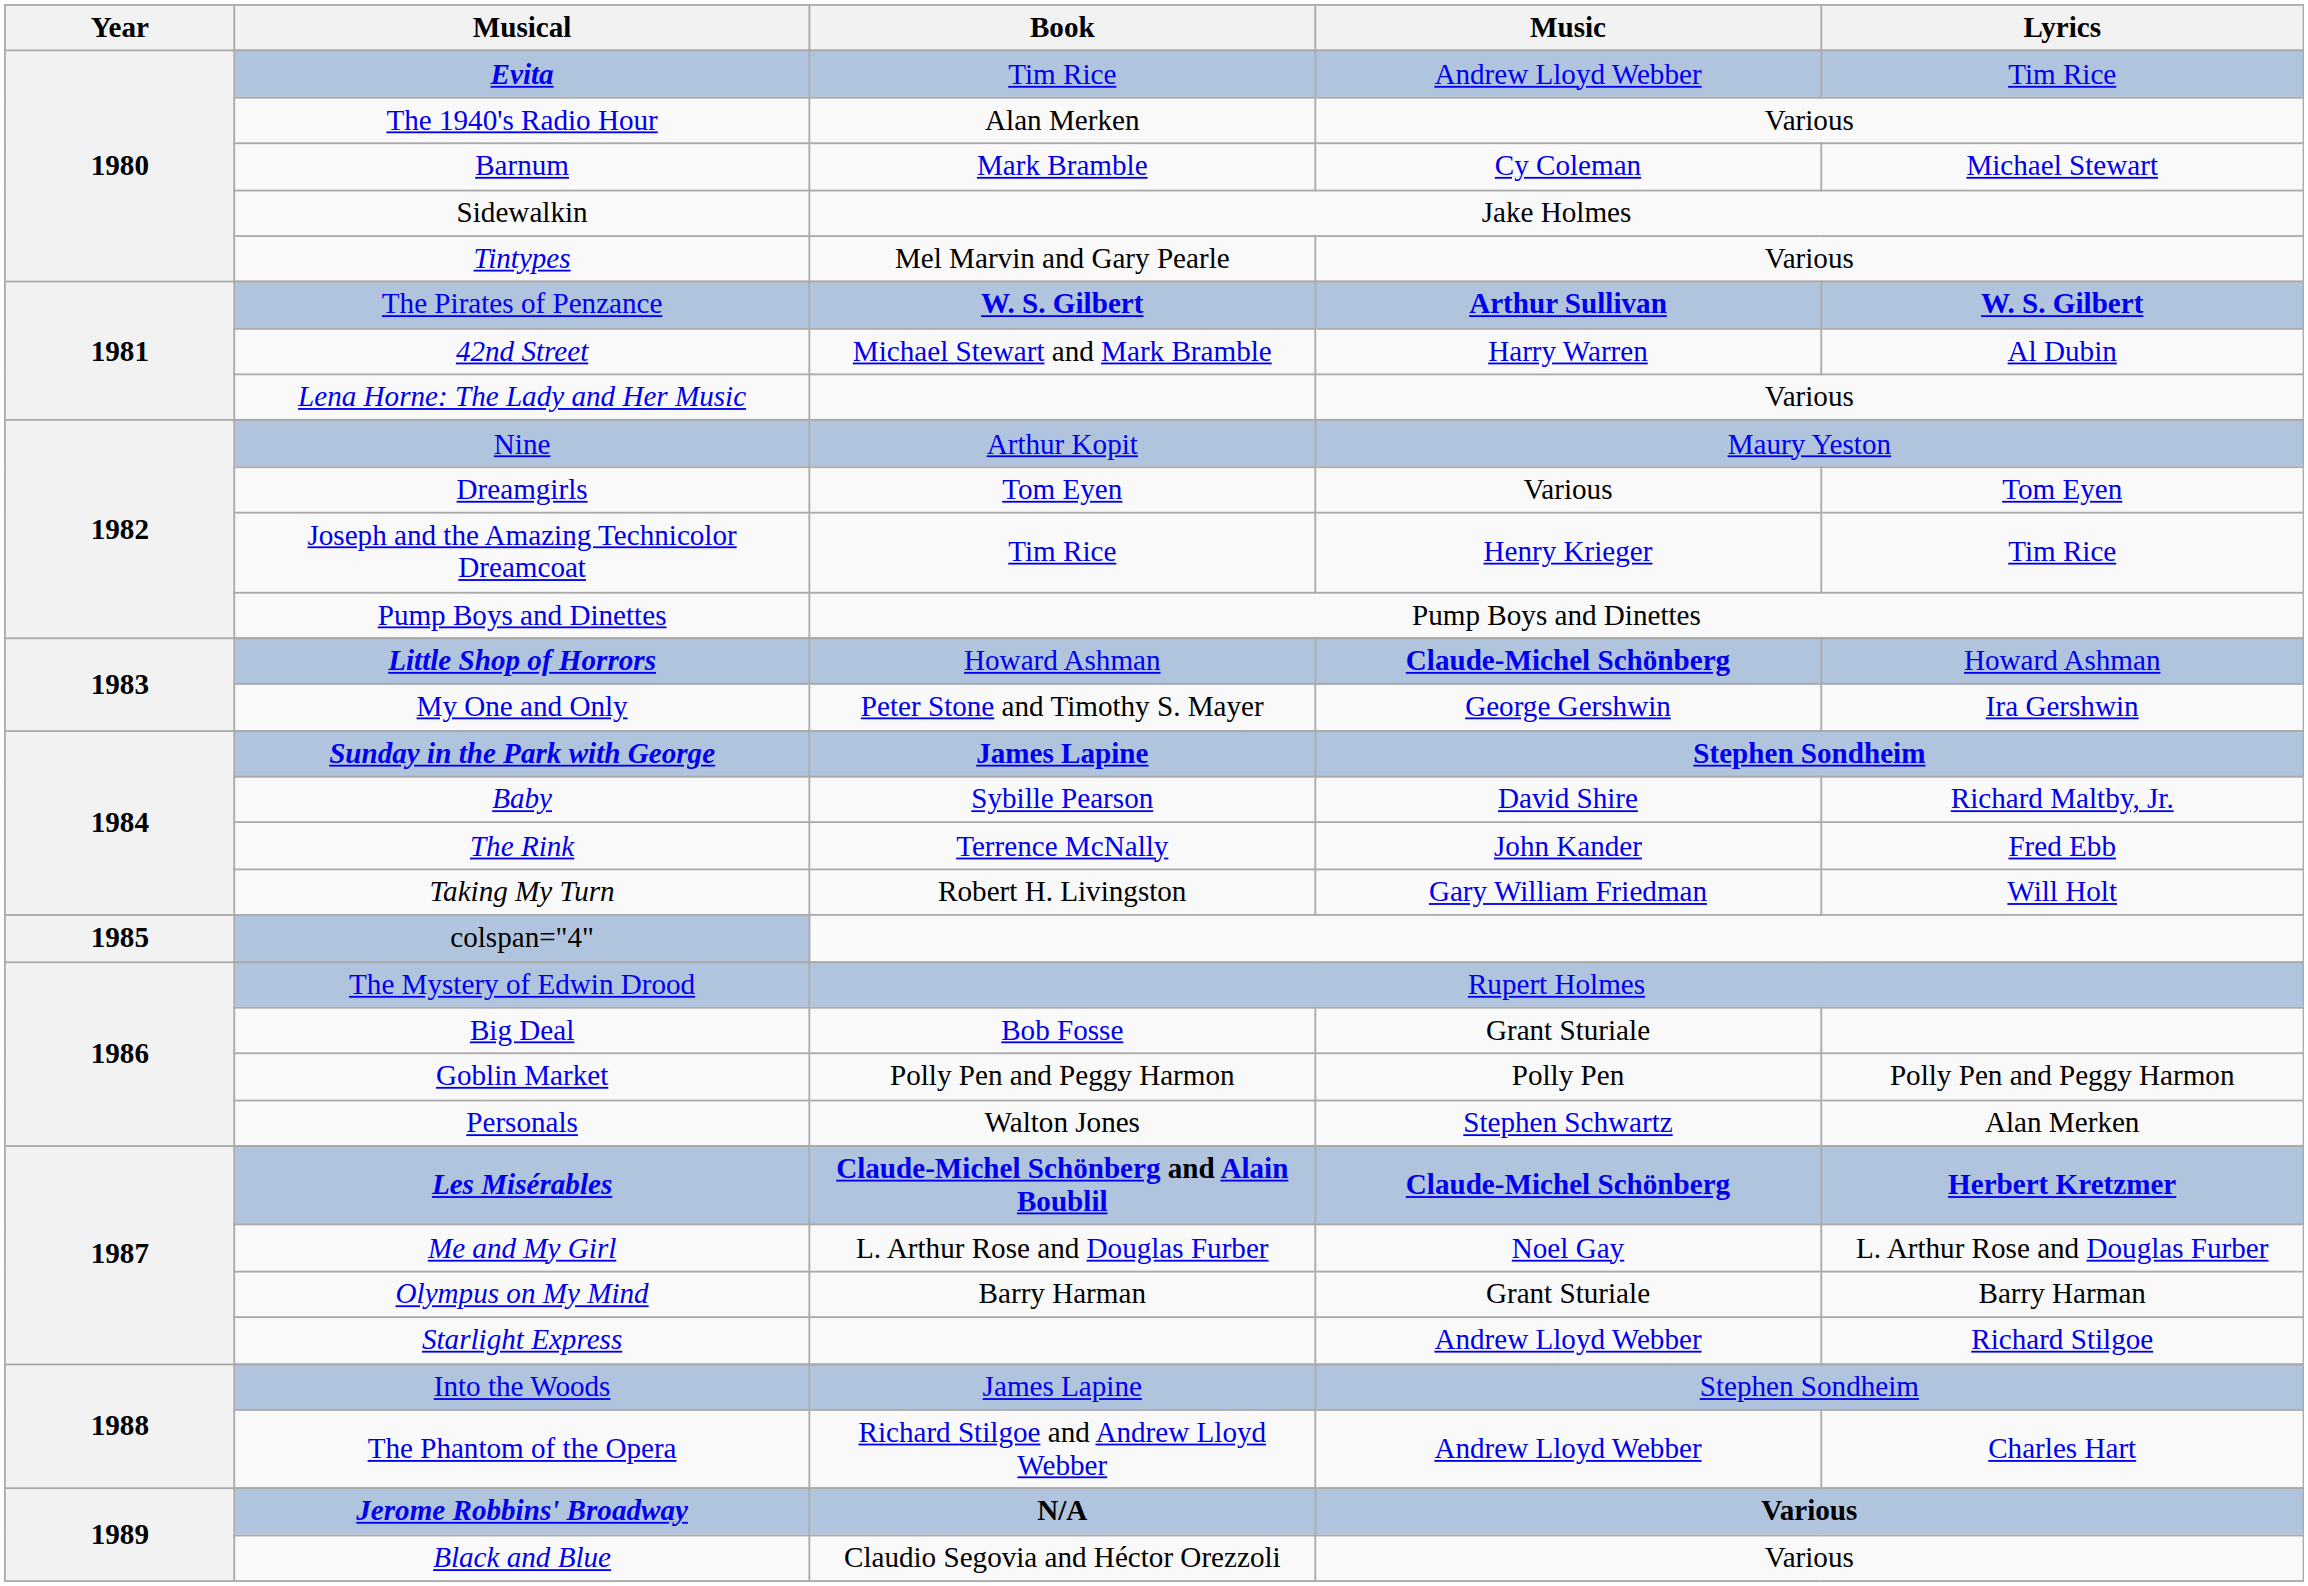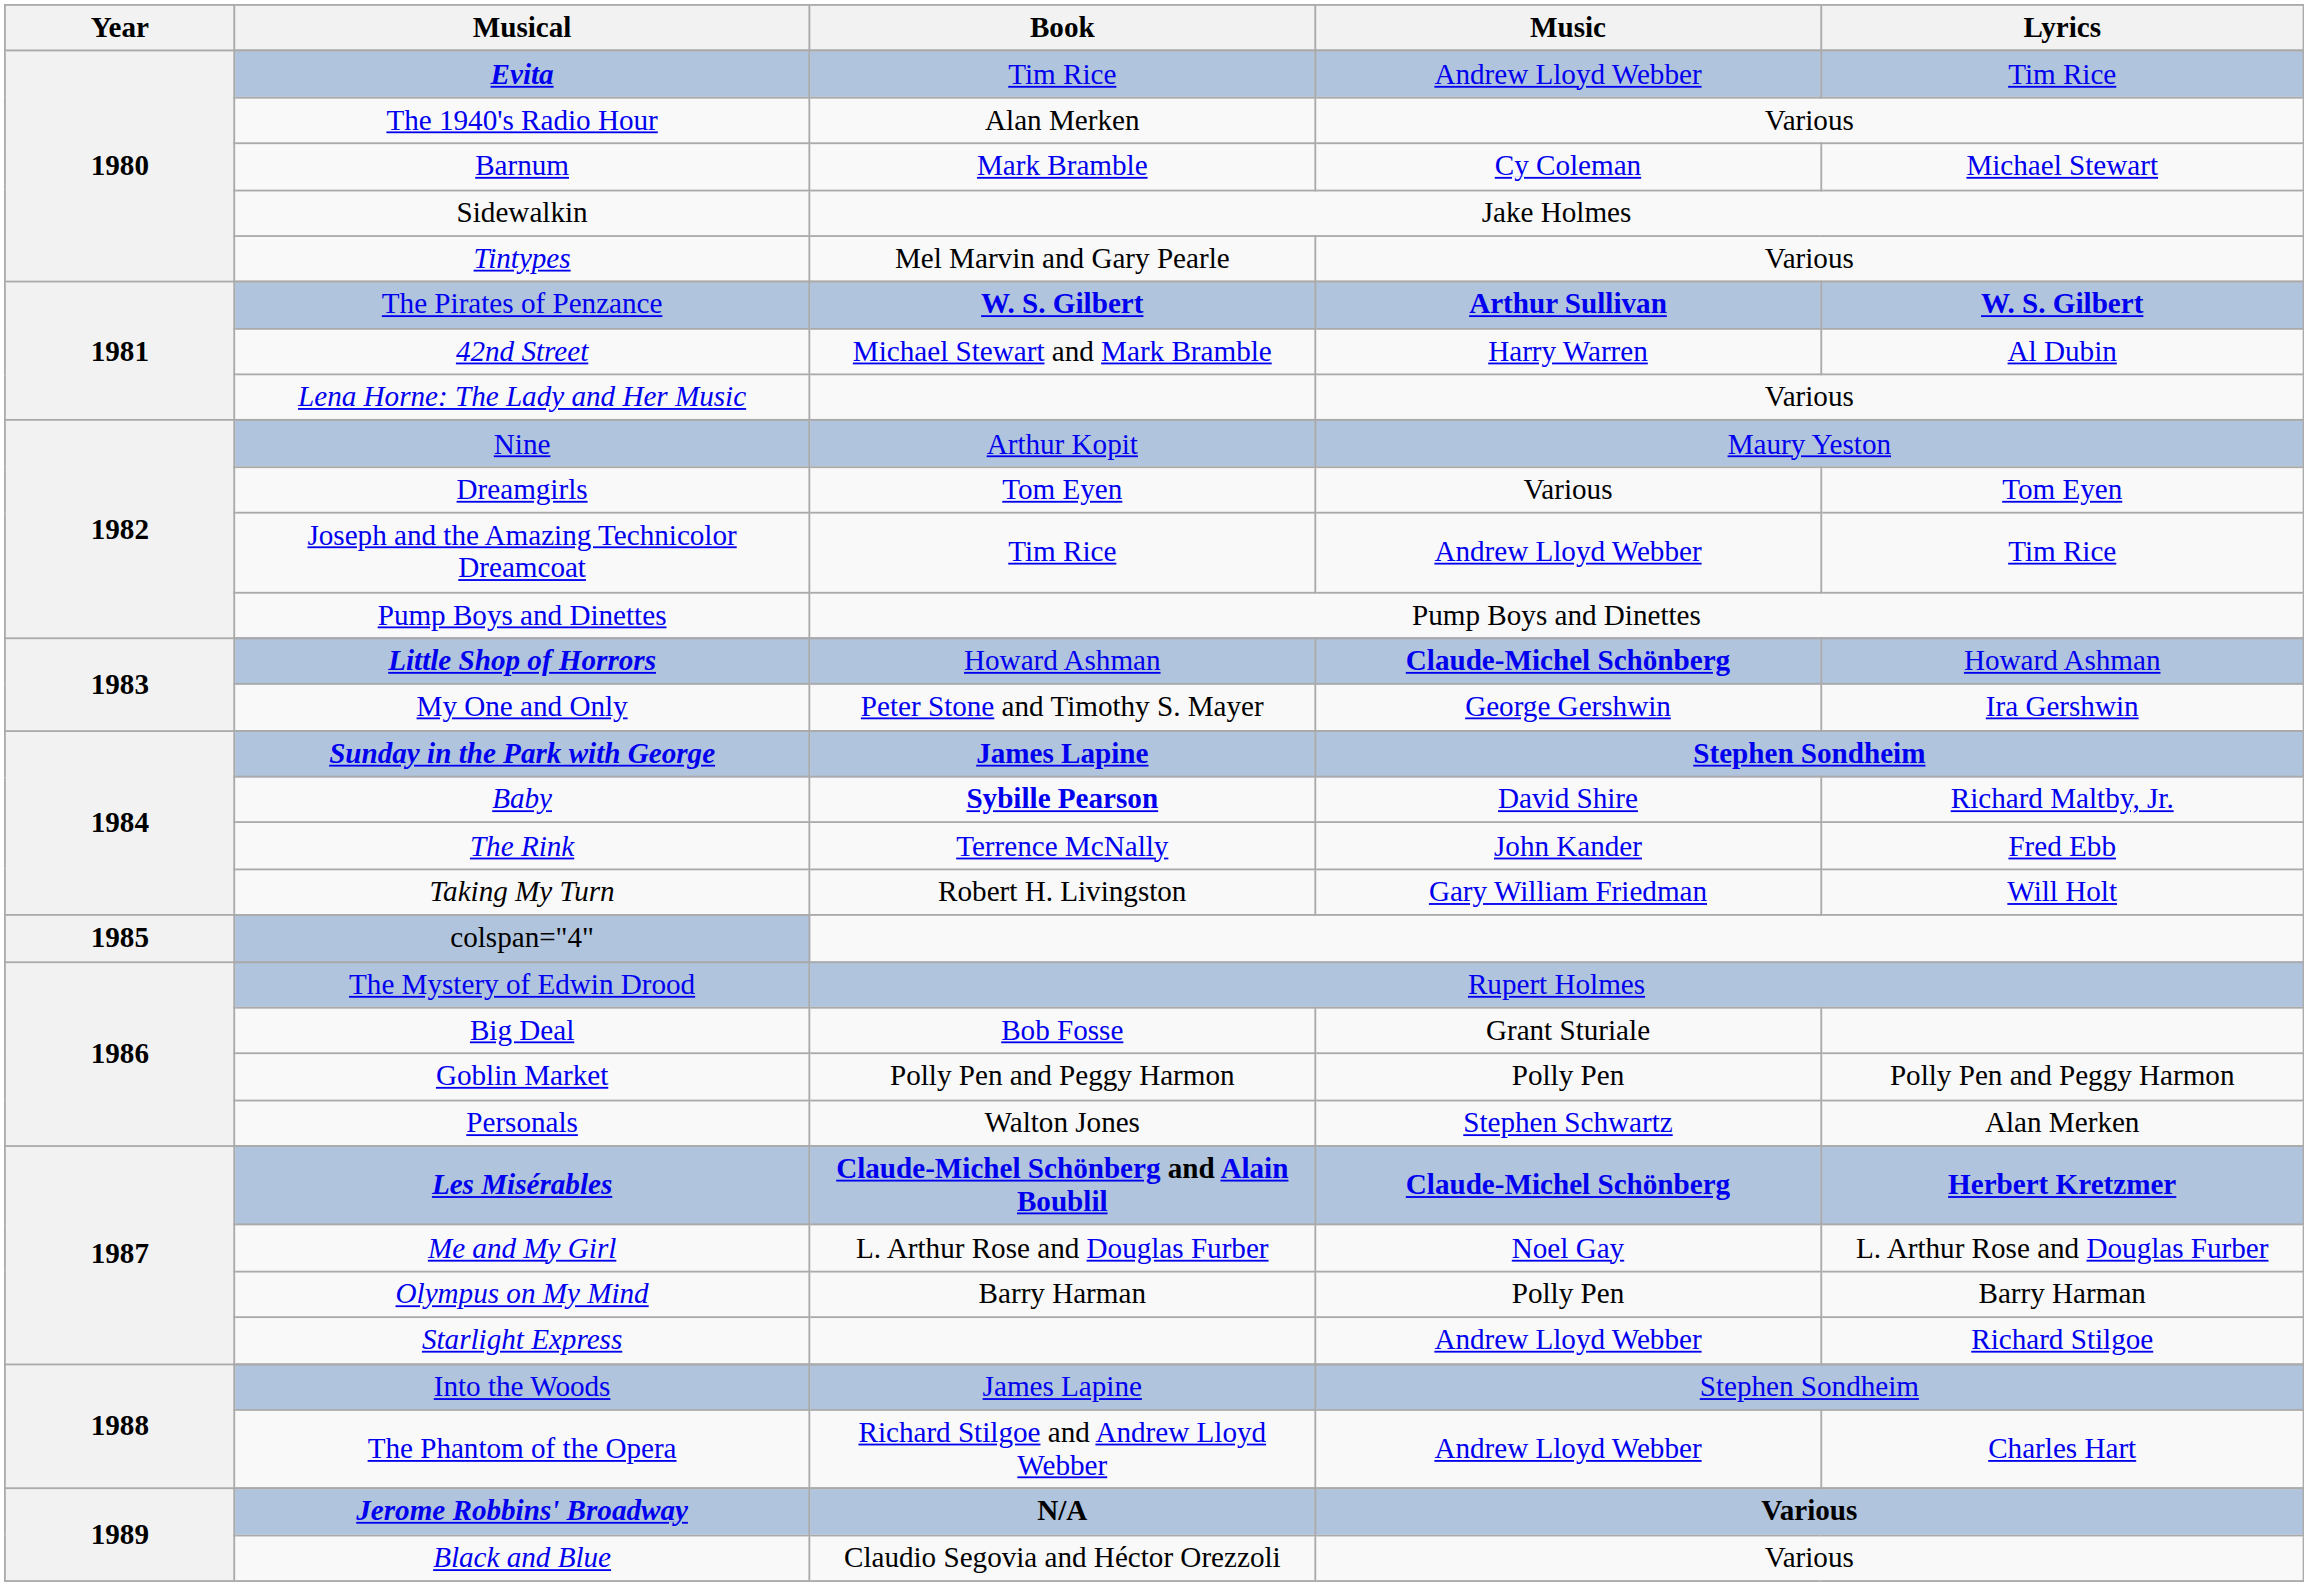 <table class="wikitable" style="width:100%; text-align:center;">
 <tr style="background:#bebebe;">
 <th style="width:10%;">Year</th>
 <th style="width:25%;">Musical</th>
 <th style="width:22%;">Book</th>
 <th style="width:22%;">Music</th>
 <th style="width:22%;">Lyrics</th>
 </tr>
 <tr>
 <th rowspan="6">1980</th>
 </tr>
 <tr style="background:#B0C4DE">
 <td><strong><em><a href='#'>Evita</a><em> <strong></td>
 <td></strong><a href='#'>Tim Rice</a><strong></td>
 <td></strong><a href='#'>Andrew Lloyd Webber</a><strong></td>
 <td></strong><a href='#'>Tim Rice</a><strong></td>
 </tr>
 <tr>
 <td></em><a href='#'>The 1940's Radio Hour</a><em></td>
 <td>Alan Merken</td>
 <td colspan="2">Various</td>
 </tr>
 <tr>
 <td></em><a href='#'>Barnum</a><em></td>
 <td><a href='#'>Mark Bramble</a></td>
 <td><a href='#'>Cy Coleman</a></td>
 <td><a href='#'>Michael Stewart</a></td>
 </tr>
 <tr>
 <td></em>Sidewalkin</strong></td>
 <td colspan="3">Jake Holmes</td>
 </tr>
 <tr>
 <td><em><a href='#'>Tintypes</a></em></td>
 <td>Mel Marvin and Gary Pearle</td>
 <td colspan="2">Various</td>
 </tr>
 <tr>
 <th rowspan="4">1981</th>
 </tr>
 <tr style="background:#B0C4DE">
 <td></em></strong><a href='#'>The Pirates of Penzance</a><strong><em></td>
 <td><strong><a href='#'>W. S. Gilbert</a></strong></td>
 <td><strong><a href='#'>Arthur Sullivan</a></strong></td>
 <td><strong><a href='#'>W. S. Gilbert</a></strong></td>
 </tr>
 <tr>
 <td><em><a href='#'>42nd Street</a></em></td>
 <td><a href='#'>Michael Stewart</a> and <a href='#'>Mark Bramble</a></td>
 <td><a href='#'>Harry Warren</a></td>
 <td><a href='#'>Al Dubin</a></td>
 </tr>
 <tr>
 <td><em><a href='#'>Lena Horne: The Lady and Her Music</a></em></td>
 <td></td>
 <td colspan="2">Various</td>
 </tr>
 <tr>
 <th rowspan="5">1982</th>
 </tr>
 <tr style="background:#B0C4DE">
 <td></em></strong><a href='#'>Nine</a><em> <strong></td>
 <td></strong><a href='#'>Arthur Kopit</a><strong></td>
 <td colspan="2"></strong><a href='#'>Maury Yeston</a><strong></td>
 </tr>
 <tr>
 <td></em><a href='#'>Dreamgirls</a><em></td>
 <td><a href='#'>Tom Eyen</a></td>
 <td>Various</td>
 <td><a href='#'>Tom Eyen</a></td>
 </tr>
 <tr>
 <td></em><a href='#'>Joseph and the Amazing Technicolor Dreamcoat</a><em></td>
 <td><a href='#'>Tim Rice</a></td>
-<td><a href='#'>Henry Krieger</a></td>
+<td><a href='#'>Andrew Lloyd Webber</a></td>
 <td><a href='#'>Tim Rice</a></td>
 </tr>
 <tr>
 <td></em><a href='#'>Pump Boys and Dinettes</a><em></td>
 <td colspan="3">Pump Boys and Dinettes</td>
 </tr>
 <tr>
 <th rowspan="3">1983</th>
 </tr>
 <tr style="background:#B0C4DE">
 <td><strong><em><a href='#'>Little Shop of Horrors</a></em></strong></td>
 <td></strong><a href='#'>Howard Ashman</a><strong></td>
 <td><strong><a href='#'>Claude-Michel Schönberg</a></strong></td>
 <td></strong><a href='#'>Howard Ashman</a><strong></td>
 </tr>
 <tr>
 <td></em><a href='#'>My One and Only</a><em></td>
 <td><a href='#'>Peter Stone</a> and Timothy S. Mayer</td>
 <td><a href='#'>George Gershwin</a></td>
 <td><a href='#'>Ira Gershwin</a></td>
 </tr>
 <tr>
 <th rowspan="5">1984</th>
 </tr>
 <tr style="background:#B0C4DE">
 <td><strong><em><a href='#'>Sunday in the Park with George</a></em> </strong></td>
 <td><strong><a href='#'>James Lapine</a></strong></td>
 <td colspan="2"><strong><a href='#'>Stephen Sondheim</a></strong></td>
 </tr>
 <tr>
 <td><em><a href='#'>Baby</a></em></td>
-<td><a href='#'>Sybille Pearson</a></td>
+<td><strong><a href='#'>Sybille Pearson</a></strong></td>
 <td><a href='#'>David Shire</a></td>
 <td><a href='#'>Richard Maltby, Jr.</a></td>
 </tr>
 <tr>
 <td><em><a href='#'>The Rink</a></em></td>
 <td><a href='#'>Terrence McNally</a></td>
 <td><a href='#'>John Kander</a></td>
 <td><a href='#'>Fred Ebb</a></td>
 </tr>
 <tr>
 <td><em>Taking My Turn</em></td>
 <td>Robert H. Livingston</td>
 <td><a href='#'>Gary William Friedman</a></td>
 <td><a href='#'>Will Holt</a></td>
 </tr>
 <tr>
 <th rowspan="2">1985</th>
 </tr>
 <tr style="background:#B0C4DE">
 <td>colspan="4" </td>
 </tr>
 <tr>
 <th rowspan="5">1986</th>
 </tr>
 <tr style="background:#B0C4DE">
 <td></em></strong><a href='#'>The Mystery of Edwin Drood</a><em> <strong></td>
 <td colspan="3"></strong><a href='#'>Rupert Holmes</a><strong></td>
 </tr>
 <tr>
 <td></em><a href='#'>Big Deal</a><em></td>
 <td><a href='#'>Bob Fosse</a></td>
 <td>Grant Sturiale</td>
 </tr>
 <tr>
 <td></em><a href='#'>Goblin Market</a><em></td>
 <td>Polly Pen and Peggy Harmon</td>
 <td>Polly Pen</td>
 <td>Polly Pen and Peggy Harmon</td>
 </tr>
 <tr>
 <td></em><a href='#'>Personals</a><em></td>
 <td>Walton Jones</td>
 <td><a href='#'>Stephen Schwartz</a></td>
 <td>Alan Merken</td>
 </tr>
 <tr>
 <th rowspan="5">1987</th>
 </tr>
 <tr style="background:#B0C4DE">
 <td><strong><em><a href='#'>Les Misérables</a></em> </strong></td>
 <td><strong><a href='#'>Claude-Michel Schönberg</a> and <a href='#'>Alain Boublil</a></strong></td>
 <td><strong><a href='#'>Claude-Michel Schönberg</a></strong></td>
 <td><strong><a href='#'>Herbert Kretzmer</a></strong></td>
 </tr>
 <tr>
 <td><em><a href='#'>Me and My Girl</a></em></td>
 <td>L. Arthur Rose and <a href='#'>Douglas Furber</a></td>
 <td><a href='#'>Noel Gay</a></td>
 <td>L. Arthur Rose and <a href='#'>Douglas Furber</a></td>
 </tr>
 <tr>
 <td><em><a href='#'>Olympus on My Mind</a></em></td>
 <td>Barry Harman</td>
-<td>Grant Sturiale</td>
+<td>Polly Pen</td>
 <td>Barry Harman</td>
 </tr>
 <tr>
 <td><em><a href='#'>Starlight Express</a></em></td>
 <td></td>
 <td><a href='#'>Andrew Lloyd Webber</a></td>
 <td><a href='#'>Richard Stilgoe</a></td>
 </tr>
 <tr>
 <th rowspan="3">1988</th>
 </tr>
 <tr style="background:#B0C4DE">
 <td></em></strong><a href='#'>Into the Woods</a><em> <strong></td>
 <td></strong><a href='#'>James Lapine</a><strong></td>
 <td colspan="2"></strong><a href='#'>Stephen Sondheim</a><strong></td>
 </tr>
 <tr>
 <td></em><a href='#'>The Phantom of the Opera</a><em></td>
 <td><a href='#'>Richard Stilgoe</a> and <a href='#'>Andrew Lloyd Webber</a></td>
 <td><a href='#'>Andrew Lloyd Webber</a></td>
 <td><a href='#'>Charles Hart</a></td>
 </tr>
 <tr>
 <th rowspan="3">1989</th>
 </tr>
 <tr style="background:#B0C4DE">
 <td><strong><em><a href='#'>Jerome Robbins' Broadway</a></em> </strong></td>
 <td><strong>N/A</strong></td>
 <td colspan="2"><strong>Various</strong></td>
 </tr>
 <tr>
 <td><em><a href='#'>Black and Blue</a></em></td>
 <td>Claudio Segovia and Héctor Orezzoli</td>
 <td colspan="2">Various</td>
 </tr>
 </table>
